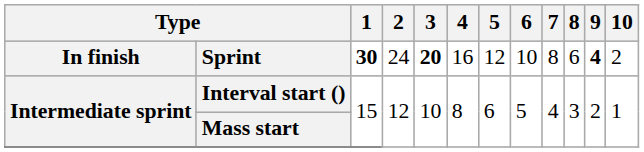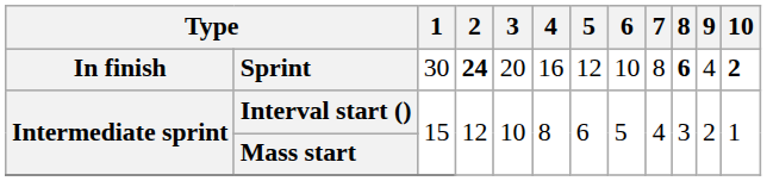 <table class="wikitable plainrowheaders" style="background:#fff; font-size:86%; line-height:16px; border:grey solid 1px; border-collapse:collapse;">
 <tr>
 <th scope="col" colspan="2">Type</th>
 <th scope="col">1</th>
 <th scope="col">2</th>
 <th scope="col">3</th>
 <th scope="col">4</th>
 <th scope="col">5</th>
 <th scope="col">6</th>
 <th scope="col">7</th>
 <th scope="col">8</th>
 <th scope="col">9</th>
 <th scope="col">10</th>
 </tr>
 <tr>
 <th scope="row">In finish</th>
 <th scope="row" style="text-align:left;">Sprint</th>
-<td><strong>30</strong></td>
-<td>24</td>
-<td><strong>20</strong></td>
+<td>30</td>
+<td><strong>24</strong></td>
+<td>20</td>
 <td>16</td>
 <td>12</td>
 <td>10</td>
 <td>8</td>
-<td>6</td>
-<td><strong>4</strong></td>
-<td>2</td>
+<td><strong>6</strong></td>
+<td>4</td>
+<td><strong>2</strong></td>
 </tr>
 <tr>
 <th scope="row" rowspan=2>Intermediate sprint</th>
 <th scope="row"  style="text-align:left;">Interval start ()</th>
 <td rowspan=2>15</td>
 <td rowspan=3>12</td>
 <td rowspan=3>10</td>
 <td rowspan=3>8</td>
 <td rowspan=3>6</td>
 <td rowspan=3>5</td>
 <td rowspan=3>4</td>
 <td rowspan=3>3</td>
 <td rowspan=3>2</td>
 <td rowspan=3>1</td>
 </tr>
 <tr>
 <th scope="row" style="text-align:left;">Mass start</th>
 </tr>
 <tr>
 </tr>
 </table>
